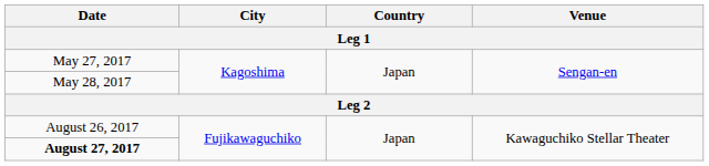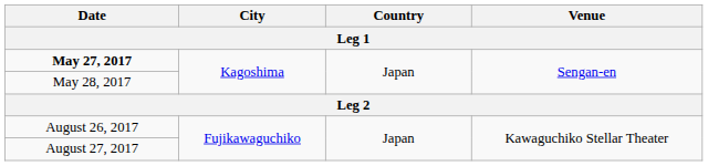 <table class="wikitable plainrowheaders" style="text-align:center;">
 <tr>
 <th scope="col" style="width:12em;">Date</th>
 <th scope="col" style="width:10em;">City</th>
 <th scope="col" style="width:10em;">Country</th>
 <th scope="col" style="width:16em;">Venue</th>
 </tr>
 <tr>
 <th colspan="4">Leg 1</th>
 </tr>
 <tr>
-<td>May 27, 2017</td>
+<td><strong>May 27, 2017</strong></td>
 <td rowspan="2"><a href='#'>Kagoshima</a></td>
 <td rowspan="2">Japan</td>
 <td rowspan="2"><a href='#'>Sengan-en</a></td>
 </tr>
 <tr>
 <td>May 28, 2017</td>
 </tr>
 <tr>
 <th colspan="4">Leg 2</th>
 </tr>
 <tr>
 <td>August 26, 2017</td>
 <td rowspan="2"><a href='#'>Fujikawaguchiko</a></td>
 <td rowspan="2">Japan</td>
 <td rowspan="2">Kawaguchiko Stellar Theater</td>
 </tr>
 <tr>
-<td><strong>August 27, 2017</strong></td>
+<td>August 27, 2017</td>
 </tr>
 </table>
